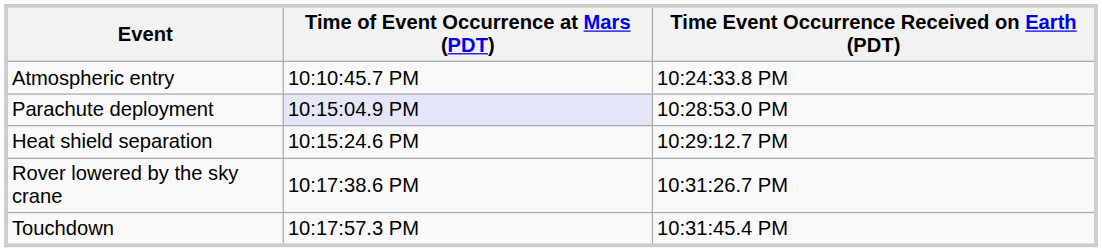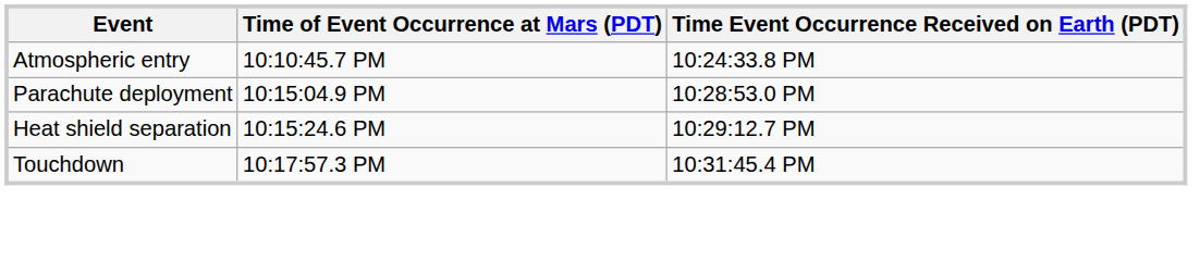 <table class="wikitable" style="margin:0 0 1em 1em; border:3px solid #ccc; font-family:Arial,Helvetica;">
 <tr style="background:#efefef; text-align:center;">
 <th>Event</th>
 <th>Time of Event Occurrence at <a href='#'>Mars</a> (<a href='#'>PDT</a>)</th>
 <th>Time Event Occurrence Received on <a href='#'>Earth</a> (PDT)</th>
 </tr>
 <tr>
 <td>Atmospheric entry</td>
 <td>10:10:45.7 PM</td>
 <td>10:24:33.8 PM</td>
 </tr>
 <tr>
 <td>Parachute deployment</td>
-<td style="background: lavender;">10:15:04.9 PM</td>
+<td>10:15:04.9 PM</td>
 <td>10:28:53.0 PM</td>
 </tr>
 <tr>
 <td>Heat shield separation</td>
 <td>10:15:24.6 PM</td>
 <td>10:29:12.7 PM</td>
 </tr>
 <tr>
-<td>Rover lowered by the sky crane</td>
-<td>10:17:38.6 PM</td>
-<td>10:31:26.7 PM</td>
-</tr>
-<tr>
 <td>Touchdown</td>
 <td>10:17:57.3 PM</td>
 <td>10:31:45.4 PM</td>
 </tr>
 </table>
